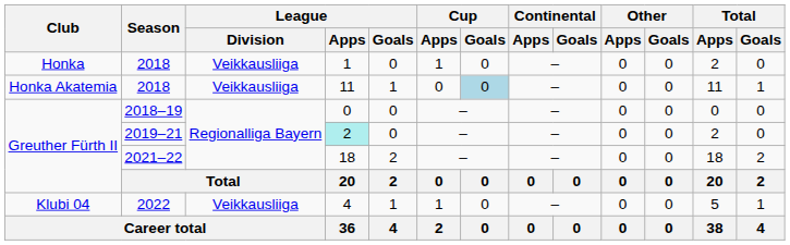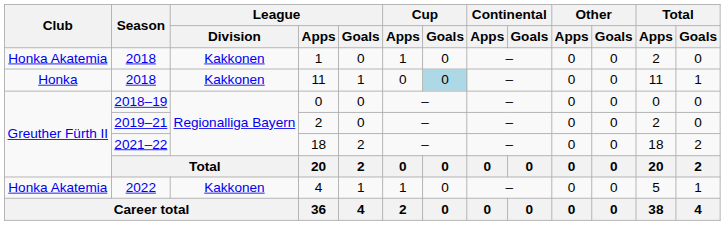 <table class="wikitable" style="text-align:center">
 <tr>
 <th rowspan="2">Club</th>
 <th rowspan="2">Season</th>
 <th colspan="3">League</th>
 <th colspan="2">Cup</th>
 <th colspan="2">Continental</th>
 <th colspan="2">Other</th>
 <th colspan="2">Total</th>
 </tr>
 <tr>
 <th>Division</th>
 <th>Apps</th>
 <th>Goals</th>
 <th>Apps</th>
 <th>Goals</th>
 <th>Apps</th>
 <th>Goals</th>
 <th>Apps</th>
 <th>Goals</th>
 <th>Apps</th>
 <th>Goals</th>
 </tr>
 <tr>
-<td><a href='#'>Honka</a></td>
+<td><a href='#'>Honka Akatemia</a></td>
 <td><a href='#'>2018</a></td>
-<td><a href='#'>Veikkausliiga</a></td>
+<td><a href='#'>Kakkonen</a></td>
 <td>1</td>
 <td>0</td>
 <td>1</td>
 <td>0</td>
 <td colspan="2">–</td>
 <td>0</td>
 <td>0</td>
 <td>2</td>
 <td>0</td>
 </tr>
 <tr>
-<td><a href='#'>Honka Akatemia</a></td>
+<td><a href='#'>Honka</a></td>
 <td><a href='#'>2018</a></td>
-<td><a href='#'>Veikkausliiga</a></td>
+<td><a href='#'>Kakkonen</a></td>
 <td>11</td>
 <td>1</td>
 <td>0</td>
 <td style="background: lightblue;">0</td>
 <td colspan="2">–</td>
 <td>0</td>
 <td>0</td>
 <td>11</td>
 <td>1</td>
 </tr>
 <tr>
 <td rowspan="4"><a href='#'>Greuther Fürth II</a></td>
 <td><a href='#'>2018–19</a></td>
 <td rowspan="3"><a href='#'>Regionalliga Bayern</a></td>
 <td>0</td>
 <td>0</td>
 <td colspan="2">–</td>
 <td colspan="2">–</td>
 <td>0</td>
 <td>0</td>
 <td>0</td>
 <td>0</td>
 </tr>
 <tr>
 <td><a href='#'>2019–21</a></td>
-<td style="background: paleturquoise;">2</td>
+<td>2</td>
 <td>0</td>
 <td colspan="2">–</td>
 <td colspan="2">–</td>
 <td>0</td>
 <td>0</td>
 <td>2</td>
 <td>0</td>
 </tr>
 <tr>
 <td><a href='#'>2021–22</a></td>
 <td>18</td>
 <td>2</td>
 <td colspan="2">–</td>
 <td colspan="2">–</td>
 <td>0</td>
 <td>0</td>
 <td>18</td>
 <td>2</td>
 </tr>
 <tr>
 <th colspan="2">Total</th>
 <th>20</th>
 <th>2</th>
 <th>0</th>
 <th>0</th>
 <th>0</th>
 <th>0</th>
 <th>0</th>
 <th>0</th>
 <th>20</th>
 <th>2</th>
 </tr>
 <tr>
-<td><a href='#'>Klubi 04</a></td>
+<td><a href='#'>Honka Akatemia</a></td>
 <td><a href='#'>2022</a></td>
-<td><a href='#'>Veikkausliiga</a></td>
+<td><a href='#'>Kakkonen</a></td>
 <td>4</td>
 <td>1</td>
 <td>1</td>
 <td>0</td>
 <td colspan="2">–</td>
 <td>0</td>
 <td>0</td>
 <td>5</td>
 <td>1</td>
 </tr>
 <tr>
 <th colspan="3">Career total</th>
 <th>36</th>
 <th>4</th>
 <th>2</th>
 <th>0</th>
 <th>0</th>
 <th>0</th>
 <th>0</th>
 <th>0</th>
 <th>38</th>
 <th>4</th>
 </tr>
 </table>
